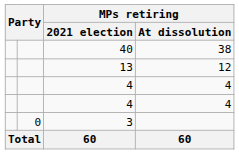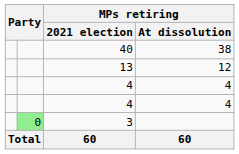 <table align=right class=wikitable style="text-align:right">
 <tr>
 <th colspan="2" rowspan="2">Party</th>
 <th colspan="2">MPs retiring</th>
 </tr>
 <tr>
 <th>2021 election</th>
 <th>At dissolution</th>
 </tr>
 <tr>
 <td style="background:"></td>
 <td style="text-align:left"></td>
 <td>40</td>
 <td>38</td>
 </tr>
 <tr>
 <td style="background:"></td>
 <td style="text-align:left"></td>
 <td>13</td>
 <td>12</td>
 </tr>
 <tr>
 <td style="background:"></td>
 <td style="text-align:left"></td>
 <td>4</td>
 <td>4</td>
 </tr>
 <tr>
 <td style="background:"></td>
 <td style="text-align:left"></td>
 <td>4</td>
 <td>4</td>
 </tr>
 <tr>
 <td></td>
-<td>0</td>
+<td style="background: lightgreen;">0</td>
 <td>3</td>
 </tr>
 <tr>
 <th colspan="2">Total</th>
 <th>60</th>
 <th>60</th>
 </tr>
 </table>
